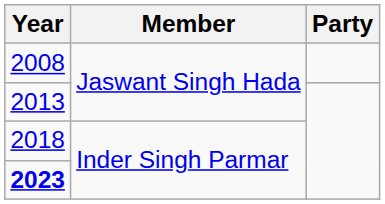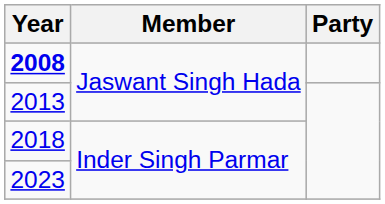 <table class="wikitable sortable">
 <tr>
 <th>Year</th>
 <th>Member</th>
 <th colspan=2>Party</th>
 </tr>
 <tr>
-<td><a href='#'>2008</a></td>
+<td><strong><a href='#'>2008</a></strong></td>
 <td rowspan=2><a href='#'>Jaswant Singh Hada</a></td>
 <td></td>
 </tr>
 <tr>
 <td><a href='#'>2013</a></td>
 </tr>
 <tr>
 <td><a href='#'>2018</a></td>
 <td rowspan=2><a href='#'>Inder Singh Parmar</a></td>
 </tr>
 <tr>
-<td><strong><a href='#'>2023</a></strong></td>
+<td><a href='#'>2023</a></td>
 </tr>
 </table>
